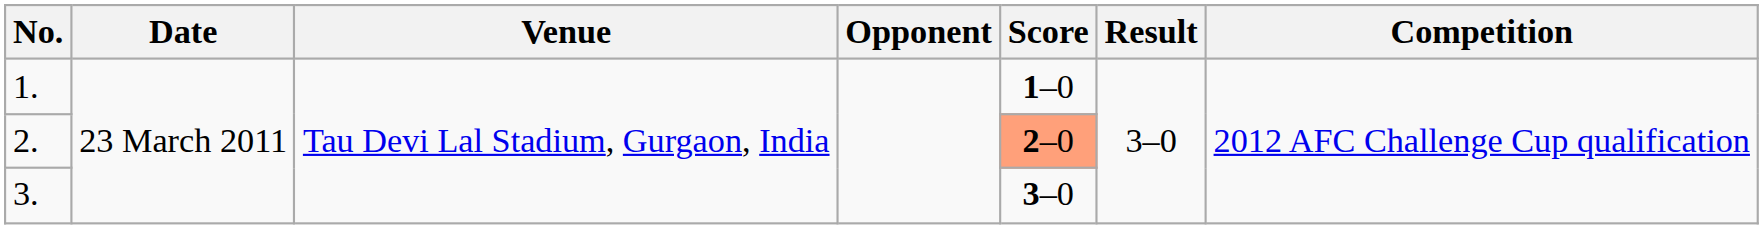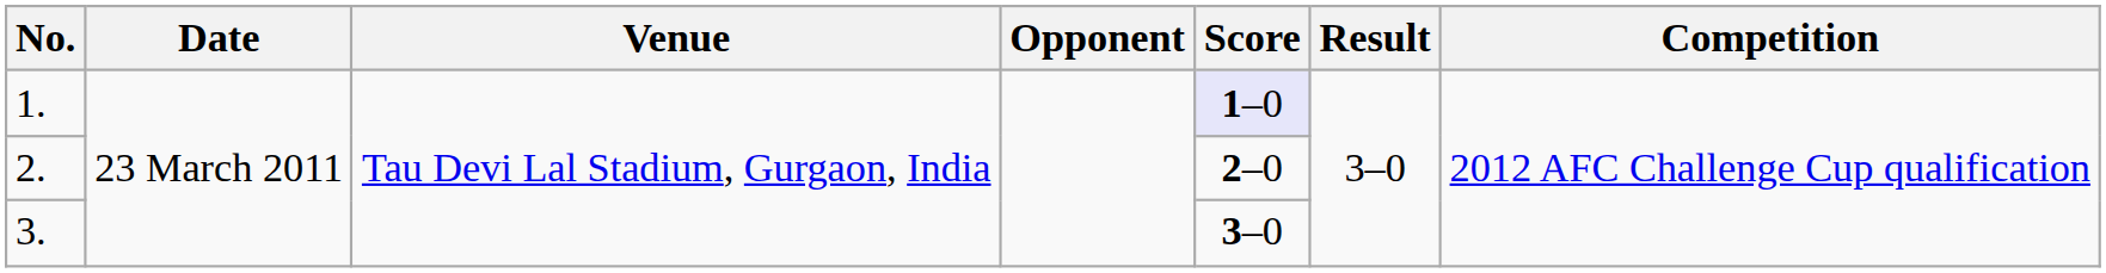 <table class="wikitable">
 <tr>
 <th>No.</th>
 <th>Date</th>
 <th>Venue</th>
 <th>Opponent</th>
 <th>Score</th>
 <th>Result</th>
 <th>Competition</th>
 </tr>
 <tr>
 <td>1.</td>
 <td rowspan="3">23 March 2011</td>
 <td rowspan="3"><a href='#'>Tau Devi Lal Stadium</a>, <a href='#'>Gurgaon</a>, <a href='#'>India</a></td>
 <td rowspan="3"></td>
-<td align=center><strong>1</strong>–0</td>
+<td align=center style="background: lavender;"><strong>1</strong>–0</td>
 <td rowspan="3" align=center>3–0</td>
 <td rowspan="3"><a href='#'>2012 AFC Challenge Cup qualification</a></td>
 </tr>
 <tr>
 <td>2.</td>
-<td align=center style="background: lightsalmon;"><strong>2</strong>–0</td>
+<td align=center><strong>2</strong>–0</td>
 </tr>
 <tr>
 <td>3.</td>
 <td align=center><strong>3</strong>–0</td>
 </tr>
 </table>
